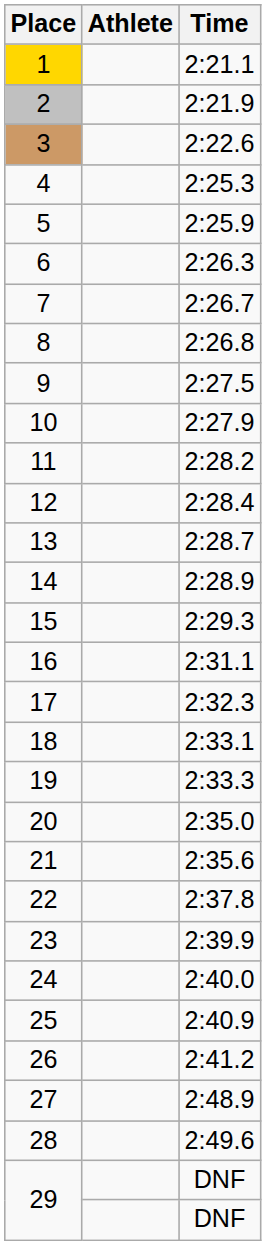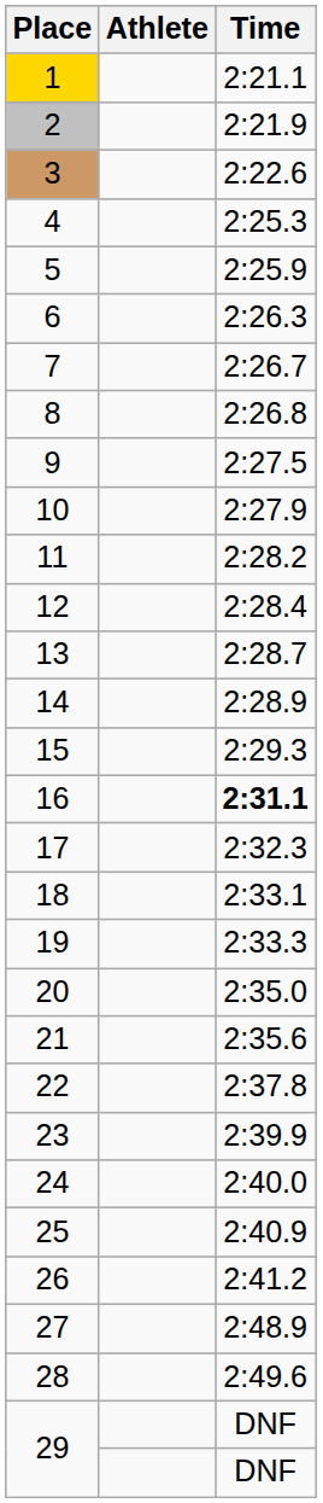 <table class="wikitable" style="text-align:center">
 <tr>
 <th>Place</th>
 <th>Athlete</th>
 <th>Time</th>
 </tr>
 <tr>
 <td bgcolor=gold>1</td>
 <td align=left></td>
 <td>2:21.1</td>
 </tr>
 <tr>
 <td bgcolor=silver>2</td>
 <td align=left></td>
 <td>2:21.9</td>
 </tr>
 <tr>
 <td bgcolor=cc9966>3</td>
 <td align=left></td>
 <td>2:22.6</td>
 </tr>
 <tr>
 <td>4</td>
 <td align=left></td>
 <td>2:25.3</td>
 </tr>
 <tr>
 <td>5</td>
 <td align=left></td>
 <td>2:25.9</td>
 </tr>
 <tr>
 <td>6</td>
 <td align=left></td>
 <td>2:26.3</td>
 </tr>
 <tr>
 <td>7</td>
 <td align=left></td>
 <td>2:26.7</td>
 </tr>
 <tr>
 <td>8</td>
 <td align=left></td>
 <td>2:26.8</td>
 </tr>
 <tr>
 <td>9</td>
 <td align=left></td>
 <td>2:27.5</td>
 </tr>
 <tr>
 <td>10</td>
 <td align=left></td>
 <td>2:27.9</td>
 </tr>
 <tr>
 <td>11</td>
 <td align=left></td>
 <td>2:28.2</td>
 </tr>
 <tr>
 <td>12</td>
 <td align=left></td>
 <td>2:28.4</td>
 </tr>
 <tr>
 <td>13</td>
 <td align=left></td>
 <td>2:28.7</td>
 </tr>
 <tr>
 <td>14</td>
 <td align=left></td>
 <td>2:28.9</td>
 </tr>
 <tr>
 <td>15</td>
 <td align=left></td>
 <td>2:29.3</td>
 </tr>
 <tr>
 <td>16</td>
 <td align=left></td>
-<td>2:31.1</td>
+<td><strong>2:31.1</strong></td>
 </tr>
 <tr>
 <td>17</td>
 <td align=left></td>
 <td>2:32.3</td>
 </tr>
 <tr>
 <td>18</td>
 <td align=left></td>
 <td>2:33.1</td>
 </tr>
 <tr>
 <td>19</td>
 <td align=left></td>
 <td>2:33.3</td>
 </tr>
 <tr>
 <td>20</td>
 <td align=left></td>
 <td>2:35.0</td>
 </tr>
 <tr>
 <td>21</td>
 <td align=left></td>
 <td>2:35.6</td>
 </tr>
 <tr>
 <td>22</td>
 <td align=left></td>
 <td>2:37.8</td>
 </tr>
 <tr>
 <td>23</td>
 <td align=left></td>
 <td>2:39.9</td>
 </tr>
 <tr>
 <td>24</td>
 <td align=left></td>
 <td>2:40.0</td>
 </tr>
 <tr>
 <td>25</td>
 <td align=left></td>
 <td>2:40.9</td>
 </tr>
 <tr>
 <td>26</td>
 <td align=left></td>
 <td>2:41.2</td>
 </tr>
 <tr>
 <td>27</td>
 <td align=left></td>
 <td>2:48.9</td>
 </tr>
 <tr>
 <td>28</td>
 <td align=left></td>
 <td>2:49.6</td>
 </tr>
 <tr>
 <td rowspan=2>29</td>
 <td align=left></td>
 <td>DNF</td>
 </tr>
 <tr>
 <td align=left></td>
 <td>DNF</td>
 </tr>
 </table>
